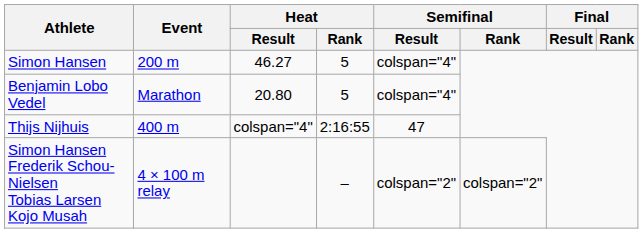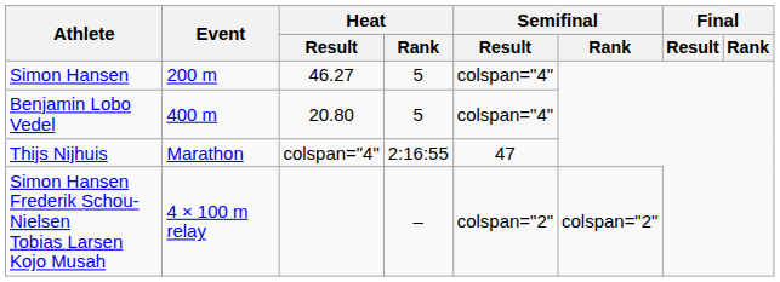 <table class="wikitable" style="font-size:90%">
 <tr>
 <th rowspan="2">Athlete</th>
 <th rowspan="2">Event</th>
 <th colspan="2">Heat</th>
 <th colspan="2">Semifinal</th>
 <th colspan="2">Final</th>
 </tr>
 <tr style="font-size:95%">
 <th>Result</th>
 <th>Rank</th>
 <th>Result</th>
 <th>Rank</th>
 <th>Result</th>
 <th>Rank</th>
 </tr>
 <tr align=center>
 <td align=left><a href='#'>Simon Hansen</a></td>
 <td align=left><a href='#'>200 m</a></td>
 <td>46.27</td>
 <td>5</td>
 <td>colspan="4" </td>
 </tr>
 <tr align=center>
 <td align=left><a href='#'>Benjamin Lobo Vedel</a></td>
-<td align=left><a href='#'>Marathon</a></td>
+<td align=left><a href='#'>400 m</a></td>
 <td>20.80</td>
 <td>5</td>
 <td>colspan="4" </td>
 </tr>
 <tr align=center>
 <td align=left><a href='#'>Thijs Nijhuis</a></td>
-<td align=left><a href='#'>400 m</a></td>
+<td align=left><a href='#'>Marathon</a></td>
 <td>colspan="4" </td>
 <td>2:16:55 </td>
 <td>47</td>
 </tr>
 <tr align=center>
 <td align=left><a href='#'>Simon Hansen</a><br><a href='#'>Frederik Schou-Nielsen</a><br><a href='#'>Tobias Larsen</a><br><a href='#'>Kojo Musah</a></td>
 <td align=left><a href='#'>4 × 100 m relay</a></td>
 <td></td>
 <td>–</td>
 <td>colspan="2" </td>
 <td>colspan="2" </td>
 </tr>
 </table>
